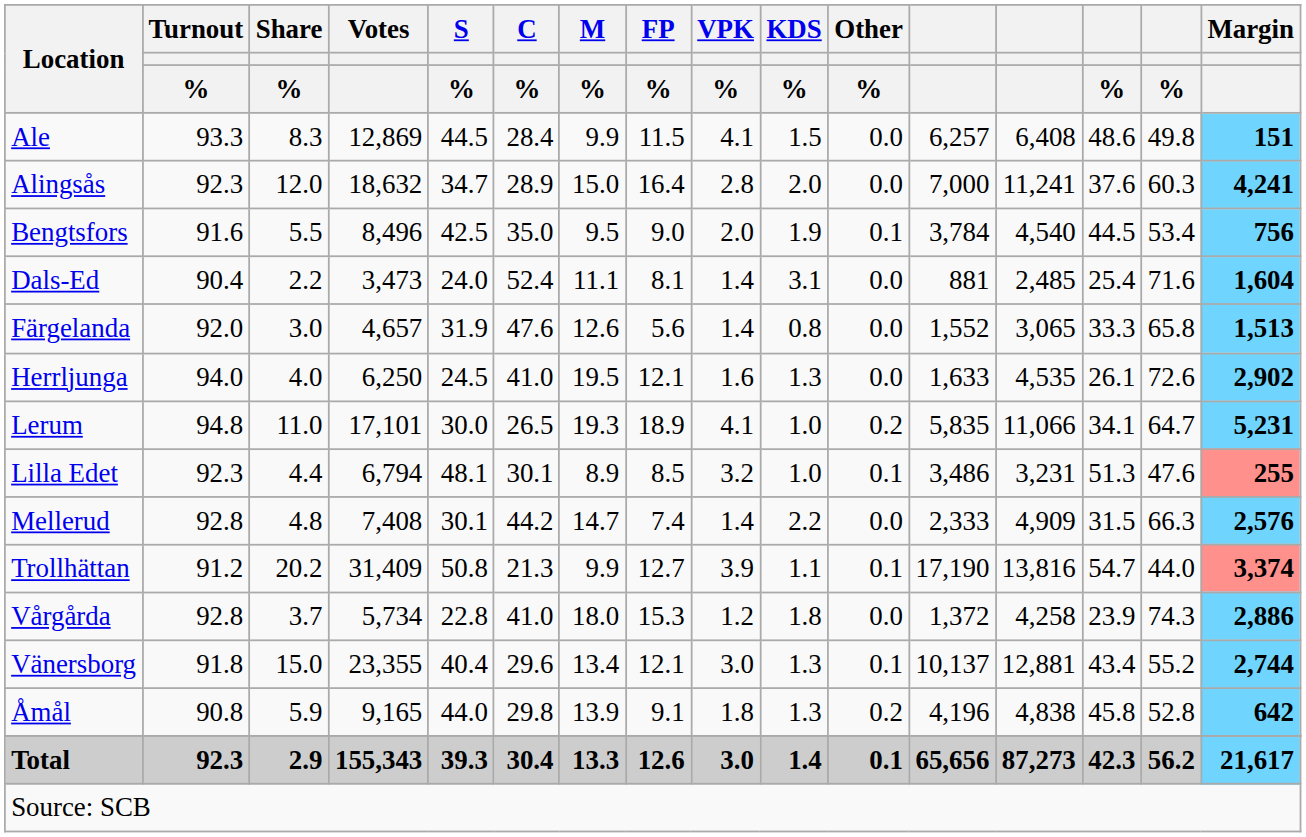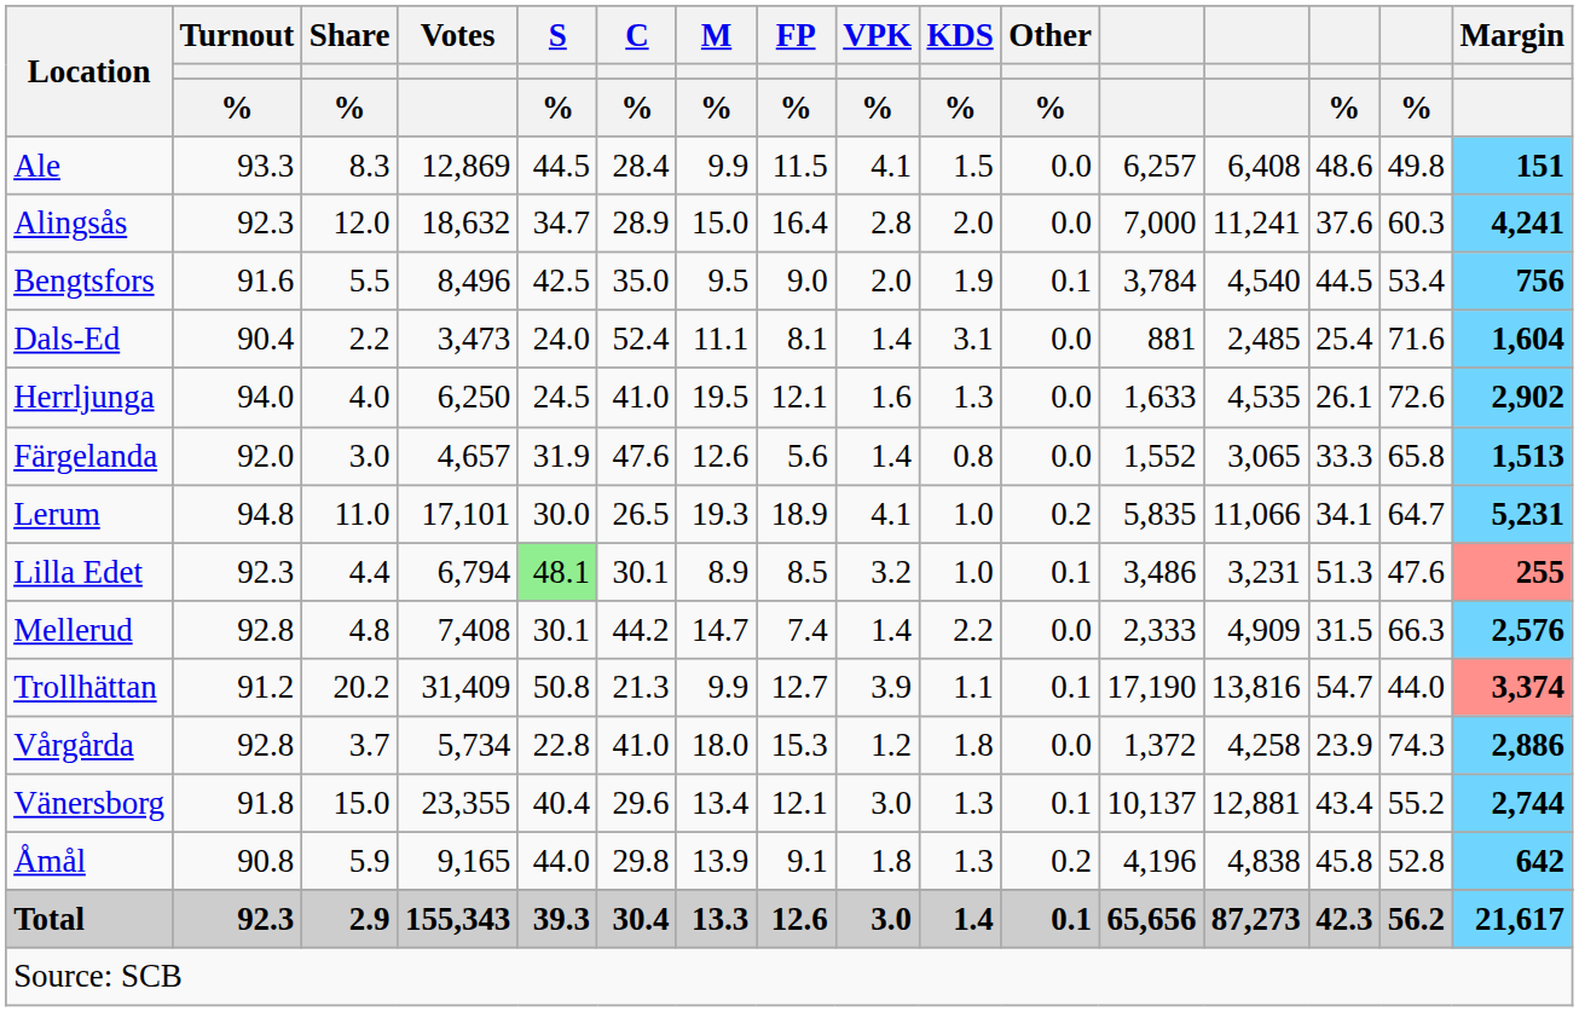 <table class="wikitable sortable" style="text-align:right; font-size:95%; line-height:20px;">
 <tr>
 <th rowspan="3">Location</th>
 <th>Turnout</th>
 <th>Share</th>
 <th>Votes</th>
 <th width="30px" class="unsortable"><a href='#'>S</a></th>
 <th width="30px" class="unsortable"><a href='#'>C</a></th>
 <th width="30px" class="unsortable"><a href='#'>M</a></th>
 <th width="30px" class="unsortable"><a href='#'>FP</a></th>
 <th width="30px" class="unsortable"><a href='#'>VPK</a></th>
 <th width="30px" class="unsortable"><a href='#'>KDS</a></th>
 <th width="30px" class="unsortable">Other</th>
 <th></th>
 <th></th>
 <th></th>
 <th></th>
 <th>Margin</th>
 </tr>
 <tr>
 <th></th>
 <th></th>
 <th></th>
 <th style="background:"></th>
 <th style="background:"></th>
 <th style="background:"></th>
 <th style="background:"></th>
 <th style="background:"></th>
 <th style="background:"></th>
 <th style="background:"></th>
 <th style="background:"></th>
 <th style="background:"></th>
 <th style="background:"></th>
 <th style="background:"></th>
 <th></th>
 </tr>
 <tr>
 <th data-sort-type="number">%</th>
 <th data-sort-type="number">%</th>
 <th></th>
 <th data-sort-type="number">%</th>
 <th data-sort-type="number">%</th>
 <th data-sort-type="number">%</th>
 <th data-sort-type="number">%</th>
 <th data-sort-type="number">%</th>
 <th data-sort-type="number">%</th>
 <th data-sort-type="number">%</th>
 <th data-sort-type="number"></th>
 <th data-sort-type="number"></th>
 <th data-sort-type="number">%</th>
 <th data-sort-type="number">%</th>
 <th data-sort-type="number"></th>
 </tr>
 <tr>
 <td align=left><a href='#'>Ale</a></td>
 <td>93.3</td>
 <td>8.3</td>
 <td>12,869</td>
 <td>44.5</td>
 <td>28.4</td>
 <td>9.9</td>
 <td>11.5</td>
 <td>4.1</td>
 <td>1.5</td>
 <td>0.0</td>
 <td>6,257</td>
 <td>6,408</td>
 <td>48.6</td>
 <td>49.8</td>
 <td bgcolor=#6fd5fe><strong>151</strong></td>
 </tr>
 <tr>
 <td align=left><a href='#'>Alingsås</a></td>
 <td>92.3</td>
 <td>12.0</td>
 <td>18,632</td>
 <td>34.7</td>
 <td>28.9</td>
 <td>15.0</td>
 <td>16.4</td>
 <td>2.8</td>
 <td>2.0</td>
 <td>0.0</td>
 <td>7,000</td>
 <td>11,241</td>
 <td>37.6</td>
 <td>60.3</td>
 <td bgcolor=#6fd5fe><strong>4,241</strong></td>
 </tr>
 <tr>
 <td align=left><a href='#'>Bengtsfors</a></td>
 <td>91.6</td>
 <td>5.5</td>
 <td>8,496</td>
 <td>42.5</td>
 <td>35.0</td>
 <td>9.5</td>
 <td>9.0</td>
 <td>2.0</td>
 <td>1.9</td>
 <td>0.1</td>
 <td>3,784</td>
 <td>4,540</td>
 <td>44.5</td>
 <td>53.4</td>
 <td bgcolor=#6fd5fe><strong>756</strong></td>
 </tr>
 <tr>
 <td align=left><a href='#'>Dals-Ed</a></td>
 <td>90.4</td>
 <td>2.2</td>
 <td>3,473</td>
 <td>24.0</td>
 <td>52.4</td>
 <td>11.1</td>
 <td>8.1</td>
 <td>1.4</td>
 <td>3.1</td>
 <td>0.0</td>
 <td>881</td>
 <td>2,485</td>
 <td>25.4</td>
 <td>71.6</td>
 <td bgcolor=#6fd5fe><strong>1,604</strong></td>
 </tr>
 <tr>
+<td align=left><a href='#'>Herrljunga</a></td>
+<td>94.0</td>
+<td>4.0</td>
+<td>6,250</td>
+<td>24.5</td>
+<td>41.0</td>
+<td>19.5</td>
+<td>12.1</td>
+<td>1.6</td>
+<td>1.3</td>
+<td>0.0</td>
+<td>1,633</td>
+<td>4,535</td>
+<td>26.1</td>
+<td>72.6</td>
+<td bgcolor=#6fd5fe><strong>2,902</strong></td>
+</tr>
+<tr>
 <td align=left><a href='#'>Färgelanda</a></td>
 <td>92.0</td>
 <td>3.0</td>
 <td>4,657</td>
 <td>31.9</td>
 <td>47.6</td>
 <td>12.6</td>
 <td>5.6</td>
 <td>1.4</td>
 <td>0.8</td>
 <td>0.0</td>
 <td>1,552</td>
 <td>3,065</td>
 <td>33.3</td>
 <td>65.8</td>
 <td bgcolor=#6fd5fe><strong>1,513</strong></td>
-</tr>
-<tr>
-<td align=left><a href='#'>Herrljunga</a></td>
-<td>94.0</td>
-<td>4.0</td>
-<td>6,250</td>
-<td>24.5</td>
-<td>41.0</td>
-<td>19.5</td>
-<td>12.1</td>
-<td>1.6</td>
-<td>1.3</td>
-<td>0.0</td>
-<td>1,633</td>
-<td>4,535</td>
-<td>26.1</td>
-<td>72.6</td>
-<td bgcolor=#6fd5fe><strong>2,902</strong></td>
 </tr>
 <tr>
 <td align=left><a href='#'>Lerum</a></td>
 <td>94.8</td>
 <td>11.0</td>
 <td>17,101</td>
 <td>30.0</td>
 <td>26.5</td>
 <td>19.3</td>
 <td>18.9</td>
 <td>4.1</td>
 <td>1.0</td>
 <td>0.2</td>
 <td>5,835</td>
 <td>11,066</td>
 <td>34.1</td>
 <td>64.7</td>
 <td bgcolor=#6fd5fe><strong>5,231</strong></td>
 </tr>
 <tr>
 <td align=left><a href='#'>Lilla Edet</a></td>
 <td>92.3</td>
 <td>4.4</td>
 <td>6,794</td>
-<td>48.1</td>
+<td style="background: lightgreen;">48.1</td>
 <td>30.1</td>
 <td>8.9</td>
 <td>8.5</td>
 <td>3.2</td>
 <td>1.0</td>
 <td>0.1</td>
 <td>3,486</td>
 <td>3,231</td>
 <td>51.3</td>
 <td>47.6</td>
 <td bgcolor=#ff908c><strong>255</strong></td>
 </tr>
 <tr>
 <td align=left><a href='#'>Mellerud</a></td>
 <td>92.8</td>
 <td>4.8</td>
 <td>7,408</td>
 <td>30.1</td>
 <td>44.2</td>
 <td>14.7</td>
 <td>7.4</td>
 <td>1.4</td>
 <td>2.2</td>
 <td>0.0</td>
 <td>2,333</td>
 <td>4,909</td>
 <td>31.5</td>
 <td>66.3</td>
 <td bgcolor=#6fd5fe><strong>2,576</strong></td>
 </tr>
 <tr>
 <td align=left><a href='#'>Trollhättan</a></td>
 <td>91.2</td>
 <td>20.2</td>
 <td>31,409</td>
 <td>50.8</td>
 <td>21.3</td>
 <td>9.9</td>
 <td>12.7</td>
 <td>3.9</td>
 <td>1.1</td>
 <td>0.1</td>
 <td>17,190</td>
 <td>13,816</td>
 <td>54.7</td>
 <td>44.0</td>
 <td bgcolor=#ff908c><strong>3,374</strong></td>
 </tr>
 <tr>
 <td align=left><a href='#'>Vårgårda</a></td>
 <td>92.8</td>
 <td>3.7</td>
 <td>5,734</td>
 <td>22.8</td>
 <td>41.0</td>
 <td>18.0</td>
 <td>15.3</td>
 <td>1.2</td>
 <td>1.8</td>
 <td>0.0</td>
 <td>1,372</td>
 <td>4,258</td>
 <td>23.9</td>
 <td>74.3</td>
 <td bgcolor=#6fd5fe><strong>2,886</strong></td>
 </tr>
 <tr>
 <td align=left><a href='#'>Vänersborg</a></td>
 <td>91.8</td>
 <td>15.0</td>
 <td>23,355</td>
 <td>40.4</td>
 <td>29.6</td>
 <td>13.4</td>
 <td>12.1</td>
 <td>3.0</td>
 <td>1.3</td>
 <td>0.1</td>
 <td>10,137</td>
 <td>12,881</td>
 <td>43.4</td>
 <td>55.2</td>
 <td bgcolor=#6fd5fe><strong>2,744</strong></td>
 </tr>
 <tr>
 <td align=left><a href='#'>Åmål</a></td>
 <td>90.8</td>
 <td>5.9</td>
 <td>9,165</td>
 <td>44.0</td>
 <td>29.8</td>
 <td>13.9</td>
 <td>9.1</td>
 <td>1.8</td>
 <td>1.3</td>
 <td>0.2</td>
 <td>4,196</td>
 <td>4,838</td>
 <td>45.8</td>
 <td>52.8</td>
 <td bgcolor=#6fd5fe><strong>642</strong></td>
 </tr>
 <tr>
 </tr>
 <tr style="background:#CDCDCD;">
 <td align=left><strong>Total</strong></td>
 <td><strong>92.3</strong></td>
 <td><strong>2.9</strong></td>
 <td><strong>155,343</strong></td>
 <td><strong>39.3</strong></td>
 <td><strong>30.4</strong></td>
 <td><strong>13.3</strong></td>
 <td><strong>12.6</strong></td>
 <td><strong>3.0</strong></td>
 <td><strong>1.4</strong></td>
 <td><strong>0.1</strong></td>
 <td><strong>65,656</strong></td>
 <td><strong>87,273</strong></td>
 <td><strong>42.3</strong></td>
 <td><strong>56.2</strong></td>
 <td bgcolor=#6fd5fe><strong>21,617</strong></td>
 </tr>
 <tr>
 <td align=left colspan=16>Source: SCB </td>
 </tr>
 </table>
